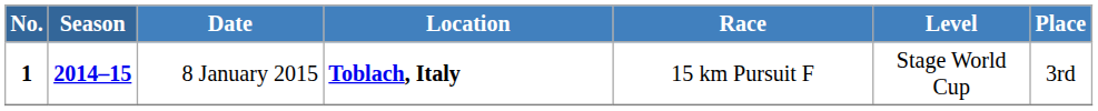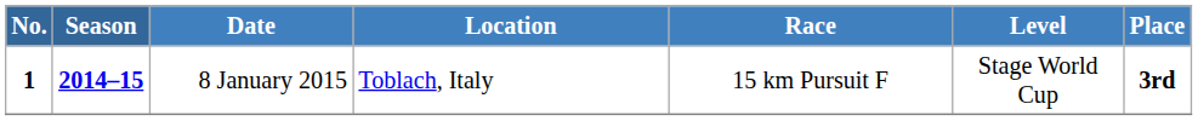 <table class="wikitable sortable" style="font-size:95%; text-align:center; border:grey solid 1px; border-collapse:collapse; background:#ffffff;">
 <tr style="background:#efefef;">
 <th style="background-color:#369; color:white;">No.</th>
 <th style="background-color:#369; color:white;">Season</th>
 <th style="background-color:#4180be; color:white; width:120px;">Date</th>
 <th style="background-color:#4180be; color:white; width:190px;">Location</th>
 <th style="background-color:#4180be; color:white; width:170px;">Race</th>
 <th style="background-color:#4180be; color:white; width:100px;">Level</th>
 <th style="background-color:#4180be; color:white;">Place</th>
 </tr>
 <tr>
 <td align=center><strong>1</strong></td>
 <td rowspan=1 align=center><strong><a href='#'>2014–15</a></strong></td>
 <td align=right>8 January 2015</td>
-<td align=left><strong> <a href='#'>Toblach</a>, Italy</strong></td>
+<td align=left> <a href='#'>Toblach</a>, Italy</td>
 <td>15 km Pursuit F</td>
 <td>Stage World Cup</td>
-<td>3rd</td>
+<td><strong>3rd</strong></td>
 </tr>
 <tr>
 </tr>
 </table>
